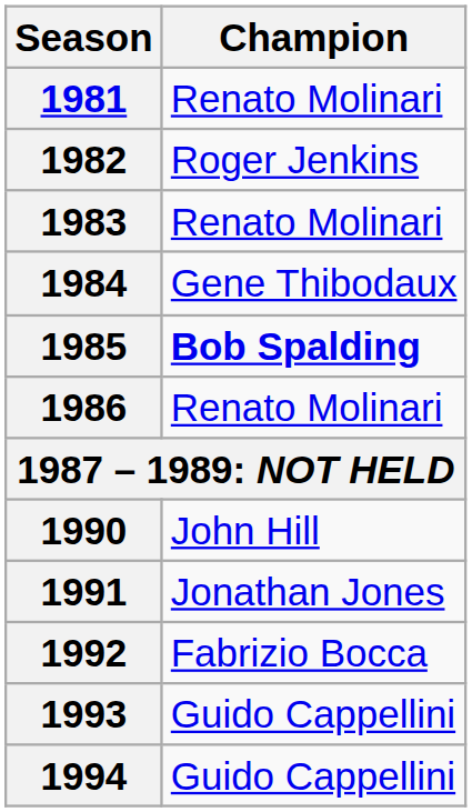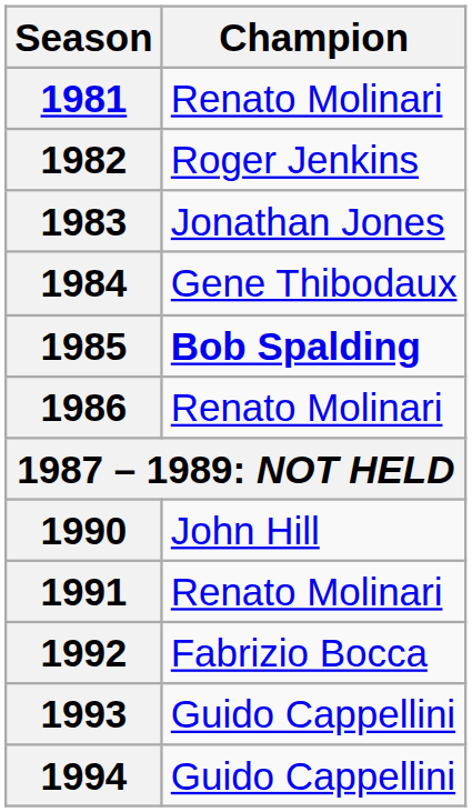 <table class="wikitable" style="font-size: 95%; display:inline-table;">
 <tr>
 <th>Season</th>
 <th>Champion</th>
 </tr>
 <tr>
 <th><a href='#'>1981</a></th>
 <td> <a href='#'>Renato Molinari</a></td>
 </tr>
 <tr>
 <th>1982</th>
 <td> <a href='#'>Roger Jenkins</a></td>
 </tr>
 <tr>
 <th>1983</th>
-<td> <a href='#'>Renato Molinari</a></td>
+<td> <a href='#'>Jonathan Jones</a></td>
 </tr>
 <tr>
 <th>1984</th>
 <td> <a href='#'>Gene Thibodaux</a></td>
 </tr>
 <tr>
 <th>1985</th>
 <td><strong> <a href='#'>Bob Spalding</a></strong></td>
 </tr>
 <tr>
 <th>1986</th>
 <td> <a href='#'>Renato Molinari</a></td>
 </tr>
 <tr>
 <th colspan="2">1987 – 1989: <em>NOT HELD</em></th>
 </tr>
 <tr>
 <th>1990</th>
 <td> <a href='#'>John Hill</a></td>
 </tr>
 <tr>
 <th>1991</th>
-<td> <a href='#'>Jonathan Jones</a></td>
+<td> <a href='#'>Renato Molinari</a></td>
 </tr>
 <tr>
 <th>1992</th>
 <td> <a href='#'>Fabrizio Bocca</a></td>
 </tr>
 <tr>
 <th>1993</th>
 <td> <a href='#'>Guido Cappellini</a></td>
 </tr>
 <tr>
 <th>1994</th>
 <td> <a href='#'>Guido Cappellini</a></td>
 </tr>
 </table>
